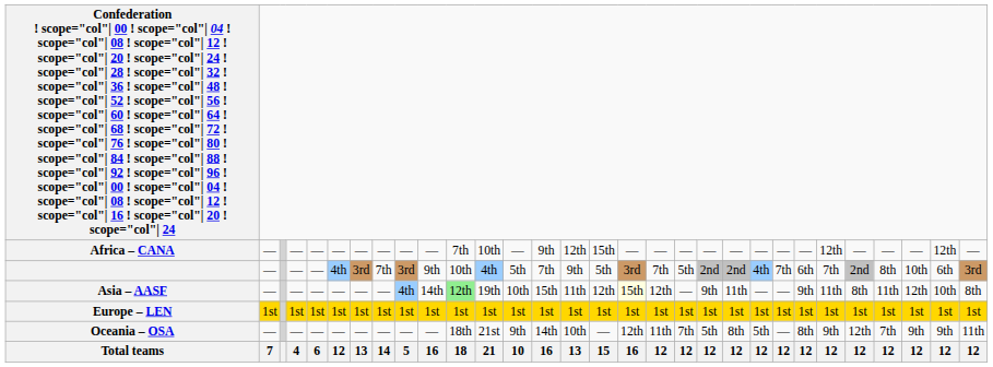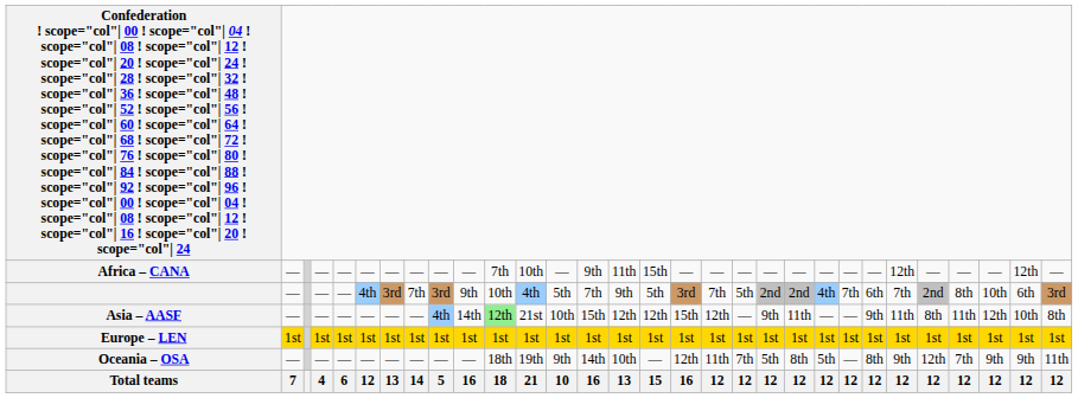 <table class="wikitable plainrowheaders sticky-table-row1 sticky-table-col1" style="text-align: center; font-size: 100%; margin-left: 1em;">
 <tr>
 <th scope="col">Confederation<br>! scope="col"| <a href='#'>00</a> ! scope="col"| <em><a href='#'>04</a></em> ! scope="col"| <a href='#'>08</a> ! scope="col"| <a href='#'>12</a> ! scope="col"| <a href='#'>20</a> ! scope="col"| <a href='#'>24</a> ! scope="col"| <a href='#'>28</a> ! scope="col"| <a href='#'>32</a> ! scope="col"| <a href='#'>36</a> ! scope="col"| <a href='#'>48</a> ! scope="col"| <a href='#'>52</a> ! scope="col"| <a href='#'>56</a> ! scope="col"| <a href='#'>60</a> ! scope="col"| <a href='#'>64</a> ! scope="col"| <a href='#'>68</a> ! scope="col"| <a href='#'>72</a> ! scope="col"| <a href='#'>76</a> ! scope="col"| <a href='#'>80</a> ! scope="col"| <a href='#'>84</a> ! scope="col"| <a href='#'>88</a> ! scope="col"| <a href='#'>92</a> ! scope="col"| <a href='#'>96</a> ! scope="col"| <a href='#'>00</a> ! scope="col"| <a href='#'>04</a> ! scope="col"| <a href='#'>08</a> ! scope="col"| <a href='#'>12</a> ! scope="col"| <a href='#'>16</a> ! scope="col"| <a href='#'>20</a> ! scope="col"| <a href='#'>24</a></th>
 </tr>
 <tr>
 <th scope="row">Africa – <a href='#'>CANA</a></th>
 <td>—</td>
 <td style="background-color: lightgray;"></td>
 <td>—</td>
 <td>—</td>
 <td>—</td>
 <td>—</td>
 <td>—</td>
 <td>—</td>
 <td>—</td>
 <td>7th</td>
 <td>10th</td>
 <td>—</td>
 <td>9th</td>
-<td>12th</td>
+<td>11th</td>
 <td>15th</td>
 <td>—</td>
 <td>—</td>
 <td>—</td>
 <td>—</td>
 <td>—</td>
 <td>—</td>
 <td>—</td>
 <td>—</td>
 <td>12th</td>
 <td>—</td>
 <td>—</td>
 <td>—</td>
 <td>12th</td>
 <td>—</td>
 </tr>
 <tr>
 <th scope="row"></th>
 <td>—</td>
 <td style="background-color: lightgray;"></td>
 <td>—</td>
 <td>—</td>
 <td style="background-color: #9acdff;">4th</td>
 <td style="background-color: #cc9966;">3rd</td>
 <td>7th</td>
 <td style="background-color: #cc9966;">3rd</td>
 <td>9th</td>
 <td>10th</td>
 <td style="background-color: #9acdff;">4th</td>
 <td>5th</td>
 <td>7th</td>
 <td>9th</td>
 <td>5th</td>
 <td style="background-color: #cc9966;">3rd</td>
 <td>7th</td>
 <td>5th</td>
 <td style="background-color: silver;">2nd</td>
 <td style="background-color: silver;">2nd</td>
 <td style="background-color: #9acdff;">4th</td>
 <td>7th</td>
 <td>6th</td>
 <td>7th</td>
 <td style="background-color: silver;">2nd</td>
 <td>8th</td>
 <td>10th</td>
 <td>6th</td>
 <td style="background-color: #cc9966;">3rd</td>
 </tr>
 <tr>
 <th scope="row">Asia – <a href='#'>AASF</a></th>
 <td>—</td>
 <td style="background-color: lightgray;"></td>
 <td>—</td>
 <td>—</td>
 <td>—</td>
 <td>—</td>
 <td>—</td>
 <td style="background-color: #9acdff;">4th</td>
 <td>14th</td>
 <td style="background: lightgreen;">12th</td>
-<td>19th</td>
+<td>21st</td>
 <td>10th</td>
 <td>15th</td>
-<td>11th</td>
 <td>12th</td>
-<td style="background: lightyellow;">15th</td>
+<td>12th</td>
+<td>15th</td>
 <td>12th</td>
 <td>—</td>
 <td>9th</td>
 <td>11th</td>
 <td>—</td>
 <td>—</td>
 <td>9th</td>
 <td>11th</td>
 <td>8th</td>
 <td>11th</td>
 <td>12th</td>
 <td>10th</td>
 <td>8th</td>
 </tr>
 <tr>
 <th scope="row">Europe – <a href='#'>LEN</a></th>
 <td style="background-color: gold;">1st</td>
 <td style="background-color: lightgray;"></td>
 <td style="background-color: gold;">1st</td>
 <td style="background-color: gold;">1st</td>
 <td style="background-color: gold;">1st</td>
 <td style="background-color: gold;">1st</td>
 <td style="background-color: gold;">1st</td>
 <td style="background-color: gold;">1st</td>
 <td style="background-color: gold;">1st</td>
 <td style="background-color: gold;">1st</td>
 <td style="background-color: gold;">1st</td>
 <td style="background-color: gold;">1st</td>
 <td style="background-color: gold;">1st</td>
 <td style="background-color: gold;">1st</td>
 <td style="background-color: gold;">1st</td>
 <td style="background-color: gold;">1st</td>
 <td style="background-color: gold;">1st</td>
 <td style="background-color: gold;">1st</td>
 <td style="background-color: gold;">1st</td>
 <td style="background-color: gold;">1st</td>
 <td style="background-color: gold;">1st</td>
 <td style="background-color: gold;">1st</td>
 <td style="background-color: gold;">1st</td>
 <td style="background-color: gold;">1st</td>
 <td style="background-color: gold;">1st</td>
 <td style="background-color: gold;">1st</td>
 <td style="background-color: gold;">1st</td>
 <td style="background-color: gold;">1st</td>
 <td style="background-color: gold;">1st</td>
 </tr>
 <tr>
 <th scope="row">Oceania – <a href='#'>OSA</a></th>
 <td>—</td>
 <td style="background-color: lightgray;"></td>
 <td>—</td>
 <td>—</td>
 <td>—</td>
 <td>—</td>
 <td>—</td>
 <td>—</td>
 <td>—</td>
 <td>18th</td>
-<td>21st</td>
+<td>19th</td>
 <td>9th</td>
 <td>14th</td>
 <td>10th</td>
 <td>—</td>
 <td>12th</td>
 <td>11th</td>
 <td>7th</td>
 <td>5th</td>
 <td>8th</td>
 <td>5th</td>
 <td>—</td>
 <td>8th</td>
 <td>9th</td>
 <td>12th</td>
 <td>7th</td>
 <td>9th</td>
 <td>9th</td>
 <td>11th</td>
 </tr>
 <tr>
 <th>Total teams</th>
 <th>7</th>
 <th></th>
 <th>4</th>
 <th>6</th>
 <th>12</th>
 <th>13</th>
 <th>14</th>
 <th>5</th>
 <th>16</th>
 <th>18</th>
 <th>21</th>
 <th>10</th>
 <th>16</th>
 <th>13</th>
 <th>15</th>
 <th>16</th>
 <th>12</th>
 <th>12</th>
 <th>12</th>
 <th>12</th>
 <th>12</th>
 <th>12</th>
 <th>12</th>
 <th>12</th>
 <th>12</th>
 <th>12</th>
 <th>12</th>
 <th>12</th>
 <th>12</th>
 </tr>
 </table>
